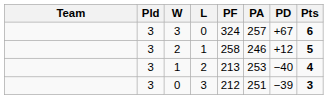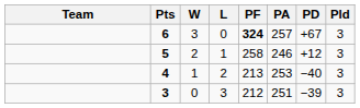 <table class=wikitable style="text-align:center">
 <tr>
 <th width=180>Team</th>
-<th width=30>Pld</th>
+<th width=30>Pts</th>
 <th width=30>W</th>
 <th width=30>L</th>
 <th width=30>PF</th>
 <th width=30>PA</th>
 <th width=30>PD</th>
-<th width=30>Pts</th>
+<th width=30>Pld</th>
 </tr>
 <tr>
 <td align="left"></td>
-<td>3</td>
+<td><strong>6</strong></td>
 <td>3</td>
 <td>0</td>
-<td>324</td>
+<td><strong>324</strong></td>
 <td>257</td>
 <td>+67</td>
-<td><strong>6</strong></td>
+<td>3</td>
 </tr>
 <tr>
 <td align="left"></td>
-<td>3</td>
+<td><strong>5</strong></td>
 <td>2</td>
 <td>1</td>
 <td>258</td>
 <td>246</td>
 <td>+12</td>
-<td><strong>5</strong></td>
+<td>3</td>
 </tr>
 <tr>
 <td align="left"></td>
-<td>3</td>
+<td><strong>4</strong></td>
 <td>1</td>
 <td>2</td>
 <td>213</td>
 <td>253</td>
 <td>−40</td>
-<td><strong>4</strong></td>
+<td>3</td>
 </tr>
 <tr>
 <td align="left"></td>
-<td>3</td>
+<td><strong>3</strong></td>
 <td>0</td>
 <td>3</td>
 <td>212</td>
 <td>251</td>
 <td>−39</td>
-<td><strong>3</strong></td>
+<td>3</td>
 </tr>
 </table>
